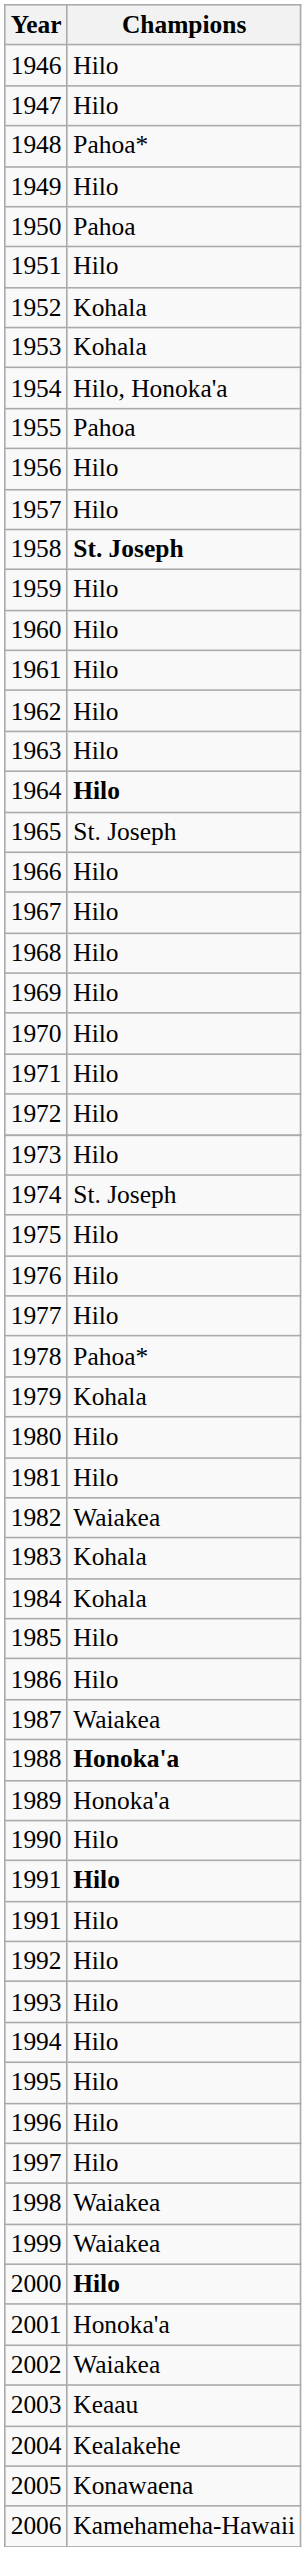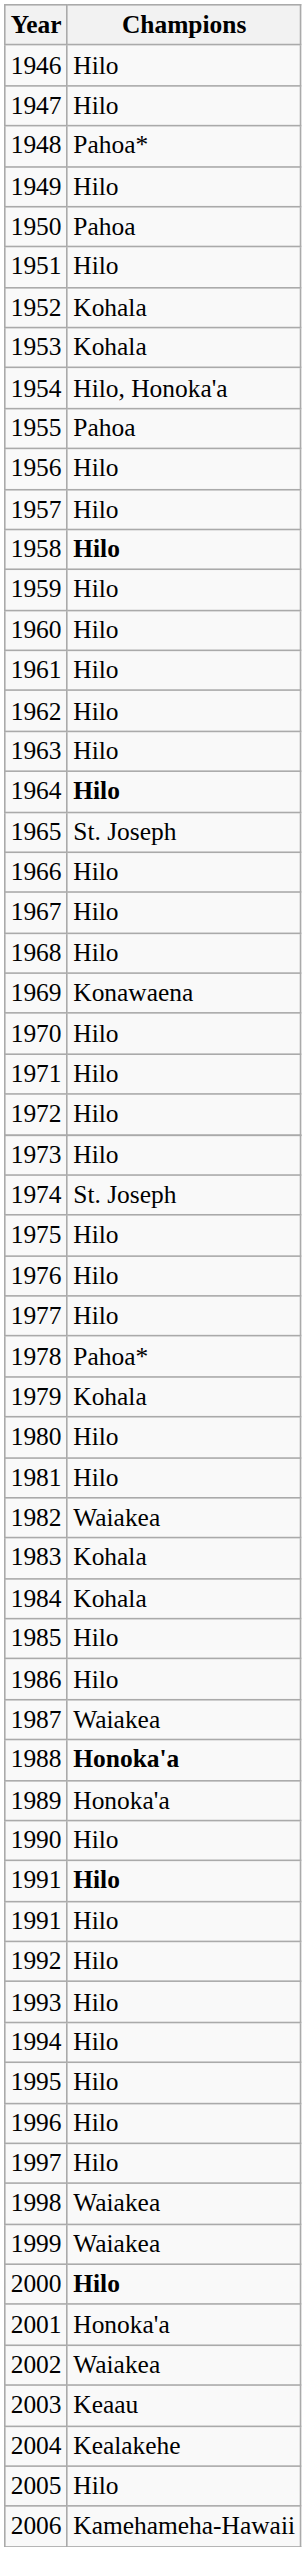 <table class="wikitable">
 <tr>
 <th>Year</th>
 <th>Champions</th>
 </tr>
 <tr>
 <td>1946</td>
 <td>Hilo</td>
 </tr>
 <tr>
 <td>1947</td>
 <td>Hilo</td>
 </tr>
 <tr>
 <td>1948</td>
 <td>Pahoa*</td>
 </tr>
 <tr>
 <td>1949</td>
 <td>Hilo</td>
 </tr>
 <tr>
 <td>1950</td>
 <td>Pahoa</td>
 </tr>
 <tr>
 <td>1951</td>
 <td>Hilo</td>
 </tr>
 <tr>
 <td>1952</td>
 <td>Kohala</td>
 </tr>
 <tr>
 <td>1953</td>
 <td>Kohala</td>
 </tr>
 <tr>
 <td>1954</td>
 <td>Hilo, Honoka'a</td>
 </tr>
 <tr>
 <td>1955</td>
 <td>Pahoa</td>
 </tr>
 <tr>
 <td>1956</td>
 <td>Hilo</td>
 </tr>
 <tr>
 <td>1957</td>
 <td>Hilo</td>
 </tr>
 <tr>
 <td>1958</td>
-<td><strong>St. Joseph</strong></td>
+<td><strong>Hilo</strong></td>
 </tr>
 <tr>
 <td>1959</td>
 <td>Hilo</td>
 </tr>
 <tr>
 <td>1960</td>
 <td>Hilo</td>
 </tr>
 <tr>
 <td>1961</td>
 <td>Hilo</td>
 </tr>
 <tr>
 <td>1962</td>
 <td>Hilo</td>
 </tr>
 <tr>
 <td>1963</td>
 <td>Hilo</td>
 </tr>
 <tr>
 <td>1964</td>
 <td><strong>Hilo</strong></td>
 </tr>
 <tr>
 <td>1965</td>
 <td>St. Joseph</td>
 </tr>
 <tr>
 <td>1966</td>
 <td>Hilo</td>
 </tr>
 <tr>
 <td>1967</td>
 <td>Hilo</td>
 </tr>
 <tr>
 <td>1968</td>
 <td>Hilo</td>
 </tr>
 <tr>
 <td>1969</td>
-<td>Hilo</td>
+<td>Konawaena</td>
 </tr>
 <tr>
 <td>1970</td>
 <td>Hilo</td>
 </tr>
 <tr>
 <td>1971</td>
 <td>Hilo</td>
 </tr>
 <tr>
 <td>1972</td>
 <td>Hilo</td>
 </tr>
 <tr>
 </tr>
 <tr>
 <td>1973</td>
 <td>Hilo</td>
 </tr>
 <tr>
 <td>1974</td>
 <td>St. Joseph</td>
 </tr>
 <tr>
 <td>1975</td>
 <td>Hilo</td>
 </tr>
 <tr>
 <td>1976</td>
 <td>Hilo</td>
 </tr>
 <tr>
 <td>1977</td>
 <td>Hilo</td>
 </tr>
 <tr>
 <td>1978</td>
 <td>Pahoa*</td>
 </tr>
 <tr>
 <td>1979</td>
 <td>Kohala</td>
 </tr>
 <tr>
 <td>1980</td>
 <td>Hilo</td>
 </tr>
 <tr>
 <td>1981</td>
 <td>Hilo</td>
 </tr>
 <tr>
 <td>1982</td>
 <td>Waiakea</td>
 </tr>
 <tr>
 <td>1983</td>
 <td>Kohala</td>
 </tr>
 <tr>
 <td>1984</td>
 <td>Kohala</td>
 </tr>
 <tr>
 <td>1985</td>
 <td>Hilo</td>
 </tr>
 <tr>
 <td>1986</td>
 <td>Hilo</td>
 </tr>
 <tr>
 <td>1987</td>
 <td>Waiakea</td>
 </tr>
 <tr>
 <td>1988</td>
 <td><strong>Honoka'a</strong></td>
 </tr>
 <tr>
 <td>1989</td>
 <td>Honoka'a</td>
 </tr>
 <tr>
 <td>1990</td>
 <td>Hilo</td>
 </tr>
 <tr>
 <td>1991</td>
 <td><strong>Hilo</strong></td>
 </tr>
 <tr>
 <td>1991</td>
 <td>Hilo</td>
 </tr>
 <tr>
 <td>1992</td>
 <td>Hilo</td>
 </tr>
 <tr>
 <td>1993</td>
 <td>Hilo</td>
 </tr>
 <tr>
 <td>1994</td>
 <td>Hilo</td>
 </tr>
 <tr>
 <td>1995</td>
 <td>Hilo</td>
 </tr>
 <tr>
 <td>1996</td>
 <td>Hilo</td>
 </tr>
 <tr>
 <td>1997</td>
 <td>Hilo</td>
 </tr>
 <tr>
 <td>1998</td>
 <td>Waiakea</td>
 </tr>
 <tr>
 <td>1999</td>
 <td>Waiakea</td>
 </tr>
 <tr>
 <td>2000</td>
 <td><strong>Hilo</strong></td>
 </tr>
 <tr>
 <td>2001</td>
 <td>Honoka'a</td>
 </tr>
 <tr>
 <td>2002</td>
 <td>Waiakea</td>
 </tr>
 <tr>
 <td>2003</td>
 <td>Keaau</td>
 </tr>
 <tr>
 <td>2004</td>
 <td>Kealakehe</td>
 </tr>
 <tr>
 <td>2005</td>
-<td>Konawaena</td>
+<td>Hilo</td>
 </tr>
 <tr>
 <td>2006</td>
 <td>Kamehameha-Hawaii</td>
 </tr>
 <tr>
 </tr>
 </table>
